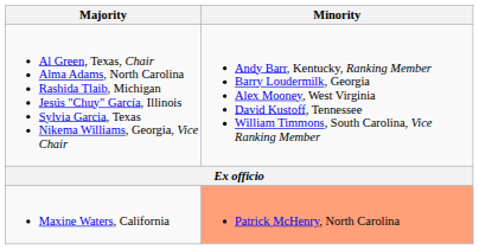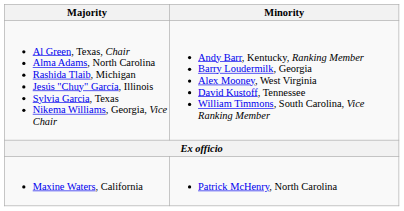 <table class=wikitable>
 <tr>
 <th>Majority</th>
 <th>Minority</th>
 </tr>
 <tr>
 <td><br><ul><li><a href='#'>Al Green</a>, Texas, <em>Chair</em></li><li><a href='#'>Alma Adams</a>, North Carolina</li><li><a href='#'>Rashida Tlaib</a>, Michigan</li><li><a href='#'>Jesús "Chuy" García</a>, Illinois</li><li><a href='#'>Sylvia Garcia</a>, Texas</li><li><a href='#'>Nikema Williams</a>, Georgia, <em>Vice Chair</em></li></ul></td>
 <td><br><ul><li><a href='#'>Andy Barr</a>, Kentucky, <em>Ranking Member</em></li><li><a href='#'>Barry Loudermilk</a>, Georgia</li><li><a href='#'>Alex Mooney</a>, West Virginia</li><li><a href='#'>David Kustoff</a>, Tennessee</li><li><a href='#'>William Timmons</a>, South Carolina, <em>Vice Ranking Member</em></li></ul></td>
 </tr>
 <tr>
 <th colspan=2><em>Ex officio</em></th>
 </tr>
 <tr>
 <td><br><ul><li><a href='#'>Maxine Waters</a>, California</li></ul></td>
-<td style="background: lightsalmon;"><br><ul><li><a href='#'>Patrick McHenry</a>, North Carolina</li></ul></td>
+<td><br><ul><li><a href='#'>Patrick McHenry</a>, North Carolina</li></ul></td>
 </tr>
 </table>
